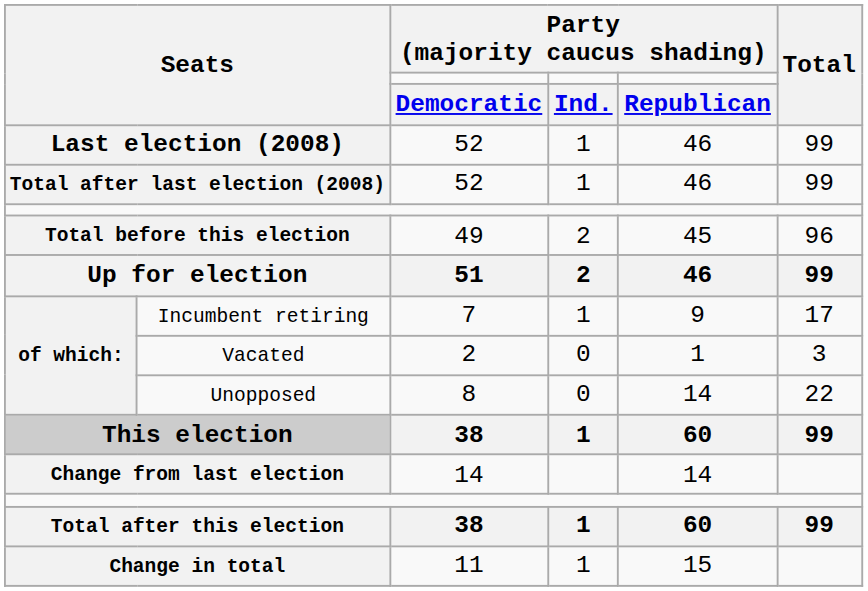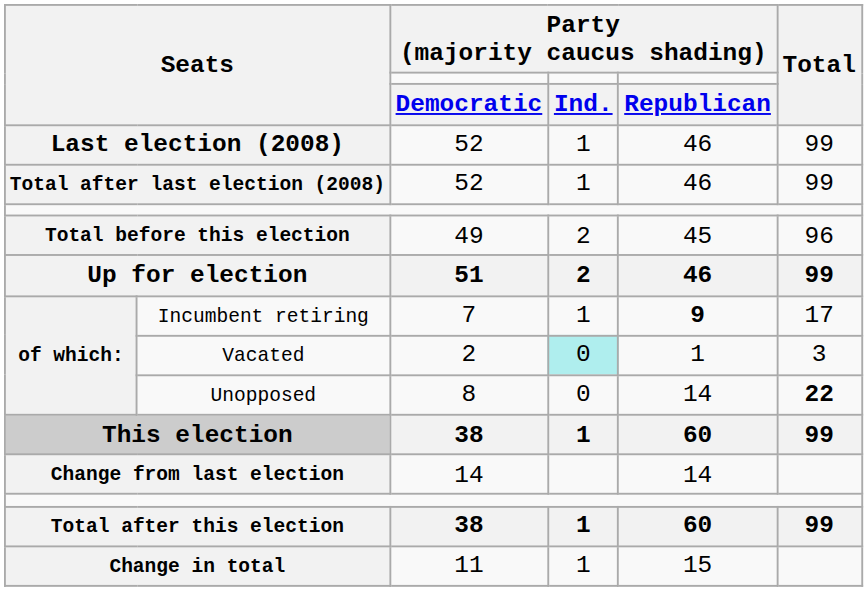 <table class="wikitable" style="text-align:center">
 <tr>
 <th colspan="2" rowspan="3">Seats</th>
 <th colspan="3">Party<div>(majority caucus shading)</div></th>
 <th rowspan="3">Total</th>
 </tr>
 <tr style="height:5px">
 <td style="background-color:"></td>
 <td style="background-color:"></td>
 <td style="background-color:"></td>
 </tr>
 <tr>
 <th><a href='#'>Democratic</a></th>
 <th><a href='#'>Ind.</a></th>
 <th><a href='#'>Republican</a></th>
 </tr>
 <tr>
 <th colspan="2" nowrap="">Last election (2008)</th>
 <td>52</td>
 <td>1</td>
 <td>46</td>
 <td>99</td>
 </tr>
 <tr>
 <th colspan="2" nowrap="" style="font-size:80%">Total after last election (2008)</th>
 <td>52</td>
 <td>1</td>
 <td>46</td>
 <td>99</td>
 </tr>
 <tr>
 <td colspan="6"></td>
 </tr>
 <tr>
 <th colspan="2" nowrap="" style="font-size:80%">Total before this election</th>
 <td>49</td>
 <td>2</td>
 <td>45</td>
 <td>96</td>
 </tr>
 <tr>
 <th colspan="2">Up for election</th>
 <th>51</th>
 <th>2</th>
 <th>46</th>
 <th>99</th>
 </tr>
 <tr>
 <th rowspan="3" style="font-size:80%">of which:</th>
 <td nowrap="" style="font-size:80%">Incumbent retiring</td>
 <td>7</td>
 <td>1</td>
-<td>9</td>
+<td><strong>9</strong></td>
 <td>17</td>
 </tr>
 <tr>
 <td nowrap="" style="font-size:80%">Vacated</td>
 <td>2</td>
-<td>0</td>
+<td style="background: paleturquoise;">0</td>
 <td>1</td>
 <td>3</td>
 </tr>
 <tr>
 <td nowrap="" style="font-size:80%">Unopposed</td>
 <td>8</td>
 <td>0</td>
 <td>14</td>
-<td>22</td>
+<td><strong>22</strong></td>
 </tr>
 <tr>
 <th colspan="2" style="background:#ccc">This election</th>
 <th>38</th>
 <th>1</th>
 <th>60</th>
 <th>99</th>
 </tr>
 <tr>
 <th colspan="2" nowrap="" style="font-size:80%">Change from last election</th>
 <td> 14</td>
 <td></td>
 <td> 14</td>
 <td></td>
 </tr>
 <tr>
 <td colspan="6"></td>
 </tr>
 <tr>
 <th colspan="2" nowrap="" style="font-size:80%">Total after this election</th>
 <th>38</th>
 <th>1</th>
 <th>60</th>
 <th>99</th>
 </tr>
 <tr>
 <th colspan="2" nowrap="" style="font-size:80%">Change in total</th>
 <td> 11</td>
 <td> 1</td>
 <td> 15</td>
 <td></td>
 </tr>
 </table>
